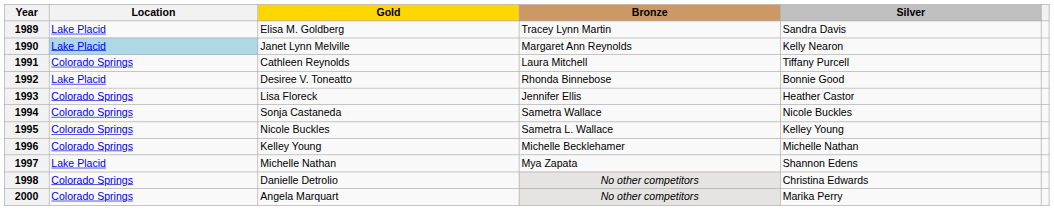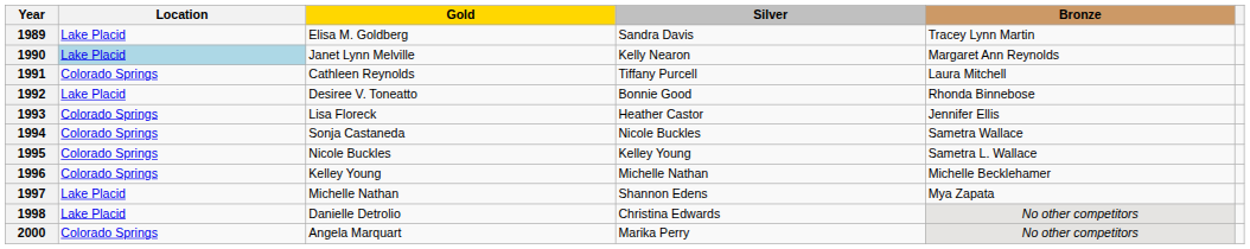 <table class="wikitable unsortable" style="text-align:left; width:100%;">
 <tr>
 <th scope="col" style="text-align:center;">Year</th>
 <th scope="col" style="text-align:center; width:20%">Location</th>
 <td scope="col" style="text-align:center; width:25%; background:gold"><strong>Gold</strong></td>
+<td scope="col" style="text-align:center; width:25%; background:silver"><strong>Silver</strong></td>
 <td scope="col" style="text-align:center; width:25%; background:#c96"><strong>Bronze</strong></td>
-<td scope="col" style="text-align:center; width:25%; background:silver"><strong>Silver</strong></td>
 <th scope="col" style="text-align:center"></th>
 </tr>
 <tr>
 <th scope="row">1989</th>
 <td><a href='#'>Lake Placid</a></td>
 <td>Elisa M. Goldberg</td>
+<td>Sandra Davis</td>
 <td>Tracey Lynn Martin</td>
-<td>Sandra Davis</td>
 <td></td>
 </tr>
 <tr>
 <th scope="row">1990</th>
 <td style="background: lightblue;"><a href='#'>Lake Placid</a></td>
 <td>Janet Lynn Melville</td>
+<td>Kelly Nearon</td>
 <td>Margaret Ann Reynolds</td>
-<td>Kelly Nearon</td>
 <td></td>
 </tr>
 <tr>
 <th scope="row">1991</th>
 <td><a href='#'>Colorado Springs</a></td>
 <td>Cathleen Reynolds</td>
+<td>Tiffany Purcell</td>
 <td>Laura Mitchell</td>
-<td>Tiffany Purcell</td>
 <td></td>
 </tr>
 <tr>
 <th scope="row">1992</th>
 <td><a href='#'>Lake Placid</a></td>
 <td>Desiree V. Toneatto</td>
+<td>Bonnie Good</td>
 <td>Rhonda Binnebose</td>
-<td>Bonnie Good</td>
 <td></td>
 </tr>
 <tr>
 <th scope="row">1993</th>
 <td><a href='#'>Colorado Springs</a></td>
 <td>Lisa Floreck</td>
+<td>Heather Castor</td>
 <td>Jennifer Ellis</td>
-<td>Heather Castor</td>
 <td></td>
 </tr>
 <tr>
 <th scope="row">1994</th>
 <td><a href='#'>Colorado Springs</a></td>
 <td>Sonja Castaneda</td>
+<td>Nicole Buckles</td>
 <td>Sametra Wallace</td>
-<td>Nicole Buckles</td>
 <td></td>
 </tr>
 <tr>
 <th scope="row">1995</th>
 <td><a href='#'>Colorado Springs</a></td>
 <td>Nicole Buckles</td>
+<td>Kelley Young</td>
 <td>Sametra L. Wallace</td>
-<td>Kelley Young</td>
 <td></td>
 </tr>
 <tr>
 <th scope="row">1996</th>
 <td><a href='#'>Colorado Springs</a></td>
 <td>Kelley Young</td>
+<td>Michelle Nathan</td>
 <td>Michelle Becklehamer</td>
-<td>Michelle Nathan</td>
 <td></td>
 </tr>
 <tr>
 <th scope="row">1997</th>
 <td><a href='#'>Lake Placid</a></td>
 <td>Michelle Nathan</td>
+<td>Shannon Edens</td>
 <td>Mya Zapata</td>
-<td>Shannon Edens</td>
 <td></td>
 </tr>
 <tr>
 <th scope="row">1998</th>
-<td><a href='#'>Colorado Springs</a></td>
+<td><a href='#'>Lake Placid</a></td>
 <td>Danielle Detrolio</td>
+<td>Christina Edwards</td>
 <td align="center" bgcolor="e5e4e2"><em>No other competitors</em></td>
-<td>Christina Edwards</td>
 <td></td>
 </tr>
 <tr>
 <th scope="row">2000</th>
 <td><a href='#'>Colorado Springs</a></td>
 <td>Angela Marquart</td>
+<td>Marika Perry</td>
 <td align="center" bgcolor="e5e4e2"><em>No other competitors</em></td>
-<td>Marika Perry</td>
 <td></td>
 </tr>
 </table>
